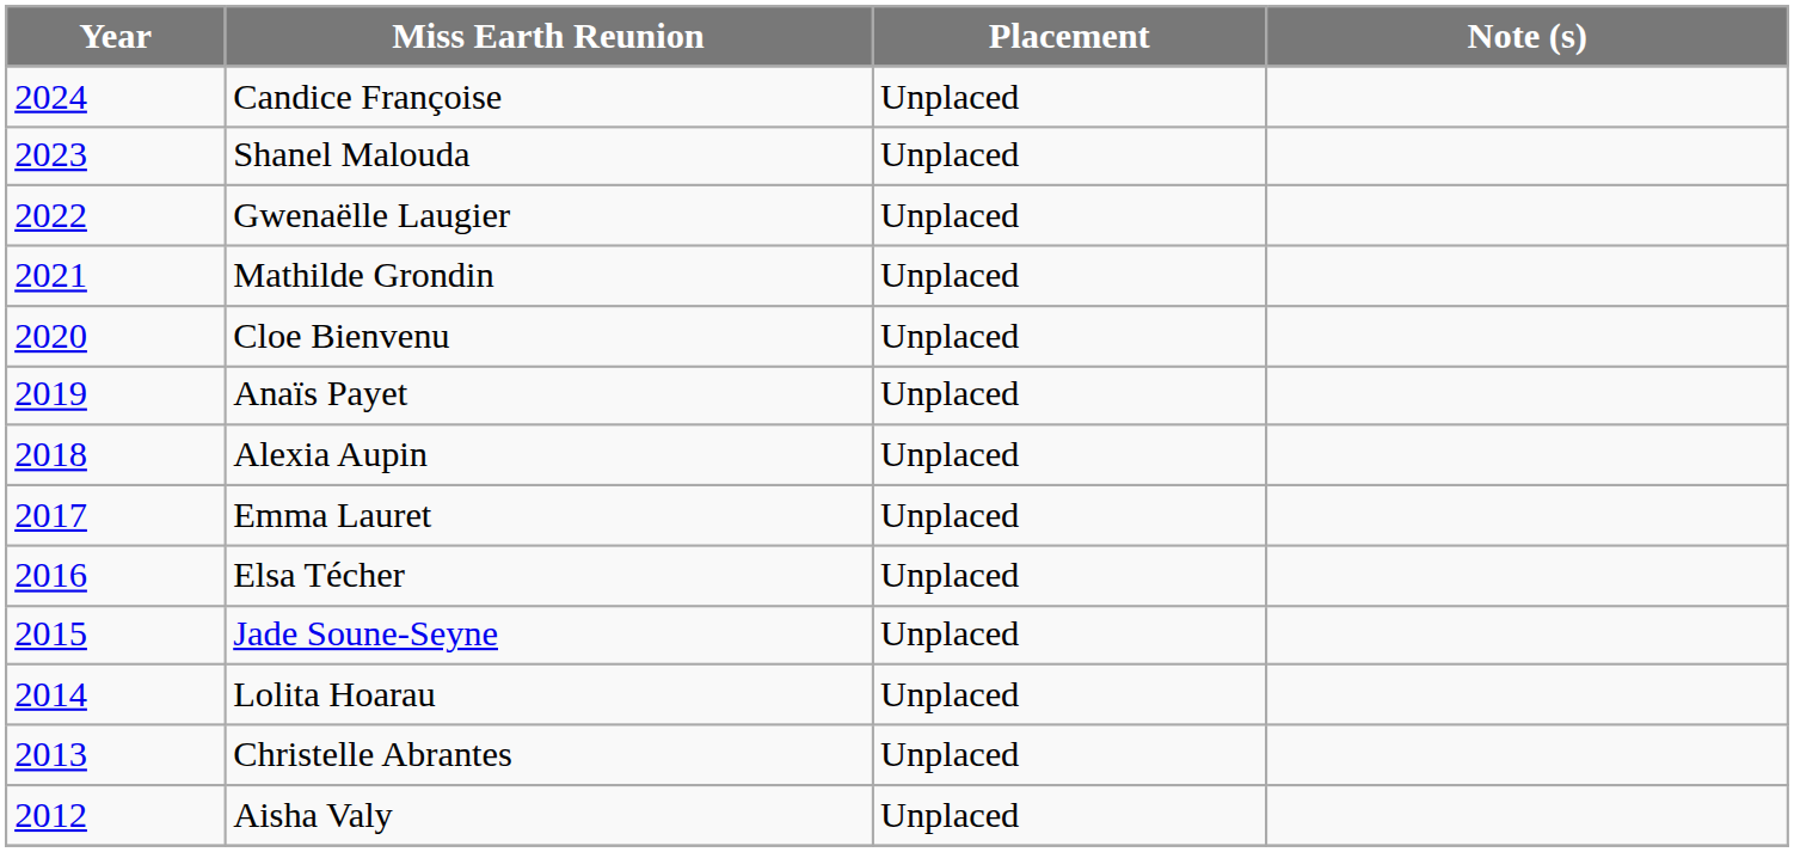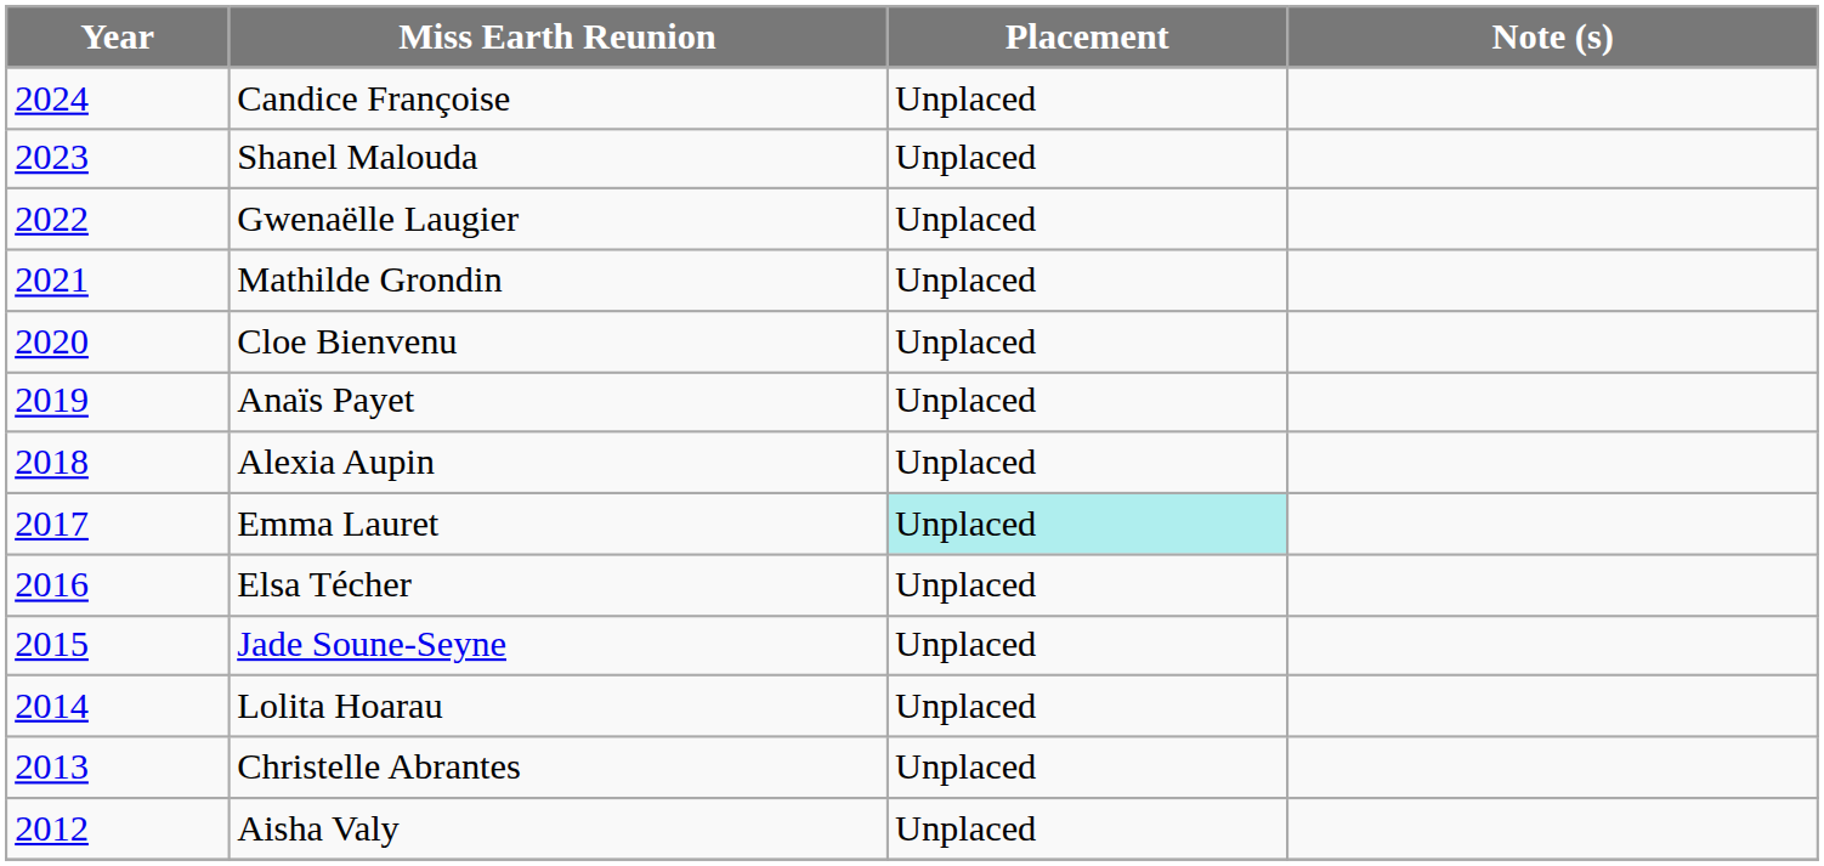 <table class="wikitable sortable" style="font-size: 90%;">
 <tr>
 <th width="80" style="background-color:#787878;color:#FFFFFF;">Year</th>
 <th width="250" style="background-color:#787878;color:#FFFFFF;">Miss Earth Reunion</th>
 <th width="150" style="background-color:#787878;color:#FFFFFF;">Placement</th>
 <th width="200"style="background-color:#787878;color:#FFFFFF;">Note (s)</th>
 </tr>
 <tr>
 <td><a href='#'>2024</a></td>
 <td>Candice Françoise</td>
 <td>Unplaced</td>
 <td></td>
 </tr>
 <tr>
 <td><a href='#'>2023</a></td>
 <td>Shanel Malouda</td>
 <td>Unplaced</td>
 <td></td>
 </tr>
 <tr>
 <td><a href='#'>2022</a></td>
 <td>Gwenaëlle Laugier</td>
 <td>Unplaced</td>
 <td></td>
 </tr>
 <tr>
 <td><a href='#'>2021</a></td>
 <td>Mathilde Grondin</td>
 <td>Unplaced</td>
 <td></td>
 </tr>
 <tr>
 <td><a href='#'>2020</a></td>
 <td>Cloe Bienvenu</td>
 <td>Unplaced</td>
 <td></td>
 </tr>
 <tr>
 <td><a href='#'>2019</a></td>
 <td>Anaïs Payet</td>
 <td>Unplaced</td>
 <td></td>
 </tr>
 <tr>
 <td><a href='#'>2018</a></td>
 <td>Alexia Aupin</td>
 <td>Unplaced</td>
 <td></td>
 </tr>
 <tr>
 <td><a href='#'>2017</a></td>
 <td>Emma Lauret</td>
-<td>Unplaced</td>
+<td style="background: paleturquoise;">Unplaced</td>
 <td></td>
 </tr>
 <tr>
 <td><a href='#'>2016</a></td>
 <td>Elsa Técher</td>
 <td>Unplaced</td>
 <td></td>
 </tr>
 <tr>
 <td><a href='#'>2015</a></td>
 <td><a href='#'>Jade Soune-Seyne</a></td>
 <td>Unplaced</td>
 <td></td>
 </tr>
 <tr>
 <td><a href='#'>2014</a></td>
 <td>Lolita Hoarau</td>
 <td>Unplaced</td>
 <td></td>
 </tr>
 <tr>
 <td><a href='#'>2013</a></td>
 <td>Christelle Abrantes</td>
 <td>Unplaced</td>
 <td></td>
 </tr>
 <tr>
 <td><a href='#'>2012</a></td>
 <td>Aisha Valy</td>
 <td>Unplaced</td>
 <td></td>
 </tr>
 <tr>
 </tr>
 </table>
